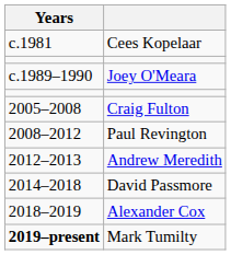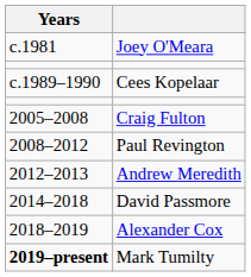 <table class="wikitable collapsible">
 <tr>
 <th>Years</th>
 <th></th>
 </tr>
 <tr>
 <td>c.1981</td>
-<td> Cees Kopelaar </td>
+<td> <a href='#'>Joey O'Meara</a></td>
 </tr>
 <tr>
 <td></td>
 </tr>
 <tr>
 <td>c.1989–1990</td>
-<td> <a href='#'>Joey O'Meara</a></td>
+<td> Cees Kopelaar </td>
 </tr>
 <tr>
 <td></td>
 </tr>
 <tr>
 <td>2005–2008</td>
 <td> <a href='#'>Craig Fulton</a>  </td>
 </tr>
 <tr>
 <td>2008–2012</td>
 <td> Paul Revington </td>
 </tr>
 <tr>
 <td>2012–2013</td>
 <td> <a href='#'>Andrew Meredith</a></td>
 </tr>
 <tr>
 <td>2014–2018</td>
 <td> David Passmore </td>
 </tr>
 <tr>
 <td>2018–2019</td>
 <td> <a href='#'>Alexander Cox</a></td>
 </tr>
 <tr>
 <td><strong>2019–present</strong></td>
 <td> Mark Tumilty</td>
 </tr>
 </table>
